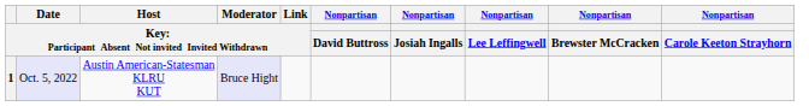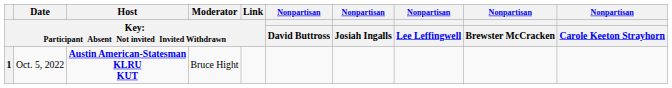 <table class="wikitable" style="text-align:center;">
 <tr>
 <th scope="col"></th>
 <th scope="col">Date</th>
 <th scope="col">Host</th>
 <th scope="col">Moderator</th>
 <th scope="col">Link</th>
 <th scope="col"><small><a href='#'>Nonpartisan</a></small></th>
 <th scope="col"><small><a href='#'>Nonpartisan</a></small></th>
 <th scope="col"><small><a href='#'>Nonpartisan</a></small></th>
 <th scope="col"><small><a href='#'>Nonpartisan</a></small></th>
 <th scope="col"><small><a href='#'>Nonpartisan</a></small></th>
 </tr>
 <tr>
 <th colspan="5" rowspan="2">Key:<br> <small>Participant </small>  <small>Absent </small>  <small>Not invited </small>  <small>Invited  Withdrawn</small></th>
 <th scope="col" style="background:"></th>
 <th scope="col" style="background:"></th>
 <th scope="col" style="background:"></th>
 <th scope="col" style="background:"></th>
 <th scope="col" style="background:"></th>
 </tr>
 <tr>
 <th scope="col">David Buttross</th>
 <th scope="col">Josiah Ingalls</th>
 <th scope="col"><a href='#'>Lee Leffingwell</a></th>
 <th scope="col">Brewster McCracken</th>
 <th scope="col"><a href='#'>Carole Keeton Strayhorn</a></th>
 </tr>
 <tr>
 <th>1</th>
-<td style="background: lavender; white-space:nowrap;">Oct. 5, 2022</td>
-<td style="white-space:nowrap;"><a href='#'>Austin American-Statesman</a><br><a href='#'>KLRU</a><br><a href='#'>KUT</a></td>
-<td style="background: lavender; white-space:nowrap;">Bruce Hight</td>
+<td style="white-space:nowrap;">Oct. 5, 2022</td>
+<td style="white-space:nowrap;"><strong><a href='#'>Austin American-Statesman</a><br><a href='#'>KLRU</a><br><a href='#'>KUT</a></strong></td>
+<td style="white-space:nowrap;">Bruce Hight</td>
 <td style="white-space:nowrap;"></td>
 <td></td>
 <td></td>
 <td></td>
 <td></td>
 <td></td>
 </tr>
 </table>
